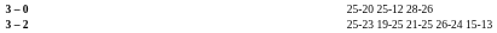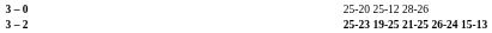 <table width=100% cellspacing=1>
 <tr>
 <th width=20%></th>
 <th width=12%></th>
 <th width=20%></th>
 <th width=33%></th>
 <td></td>
 </tr>
 <tr style=font-size:90%>
 <td align=right><strong></strong></td>
 <td align=center><strong>3 – 0</strong></td>
 <td></td>
 <td>25-20 25-12 28-26</td>
 <td></td>
 </tr>
 <tr style=font-size:90%>
 <td align=right><strong></strong></td>
 <td align=center><strong>3 – 2</strong></td>
 <td></td>
-<td>25-23 19-25 21-25 26-24 15-13</td>
+<td><strong>25-23 19-25 21-25 26-24 15-13</strong></td>
 </tr>
 </table>
